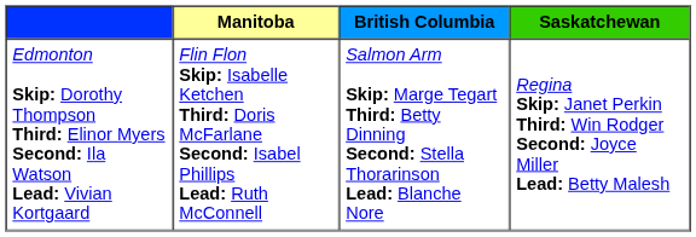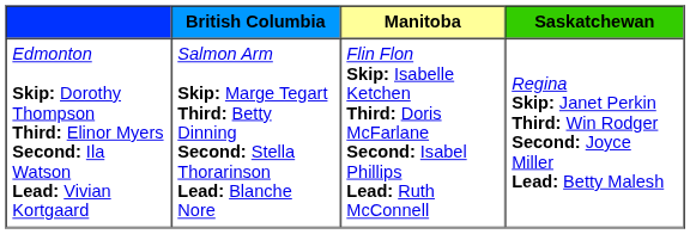 <table border=1 cellpadding=5 cellspacing=0>
 <tr>
 <th bgcolor="#0033ff" width="175"></th>
+<th bgcolor="#0099ff" width="175">British Columbia</th>
 <th bgcolor="#ffff99" width="175">Manitoba</th>
-<th bgcolor="#0099ff" width="175">British Columbia</th>
 <th bgcolor="#33cc00" width="175">Saskatchewan</th>
 </tr>
 <tr>
 <td><em><a href='#'>Edmonton</a></em><br><br><strong>Skip:</strong> <a href='#'>Dorothy Thompson</a> <br> <strong>Third:</strong> <a href='#'>Elinor Myers</a> <br> <strong>Second:</strong> <a href='#'>Ila Watson</a> <br> <strong>Lead:</strong> <a href='#'>Vivian Kortgaard</a></td>
+<td><em><a href='#'>Salmon Arm</a></em> <br><br><strong>Skip:</strong> <a href='#'>Marge Tegart</a> <br> <strong>Third:</strong> <a href='#'>Betty Dinning</a> <br> <strong>Second:</strong> <a href='#'>Stella Thorarinson</a><br> <strong>Lead:</strong> <a href='#'>Blanche Nore</a></td>
 <td><em><a href='#'>Flin Flon</a></em><br><strong>Skip:</strong> <a href='#'>Isabelle Ketchen</a> <br> <strong>Third:</strong> <a href='#'>Doris McFarlane</a> <br> <strong>Second:</strong> <a href='#'>Isabel Phillips</a> <br> <strong>Lead:</strong> <a href='#'>Ruth McConnell</a></td>
-<td><em><a href='#'>Salmon Arm</a></em> <br><br><strong>Skip:</strong> <a href='#'>Marge Tegart</a> <br> <strong>Third:</strong> <a href='#'>Betty Dinning</a> <br> <strong>Second:</strong> <a href='#'>Stella Thorarinson</a><br> <strong>Lead:</strong> <a href='#'>Blanche Nore</a></td>
 <td><em><a href='#'>Regina</a></em><br><strong>Skip:</strong> <a href='#'>Janet Perkin</a> <br> <strong>Third:</strong> <a href='#'>Win Rodger</a> <br> <strong>Second:</strong> <a href='#'>Joyce Miller</a> <br> <strong>Lead:</strong> <a href='#'>Betty Malesh</a></td>
 </tr>
 </table>
